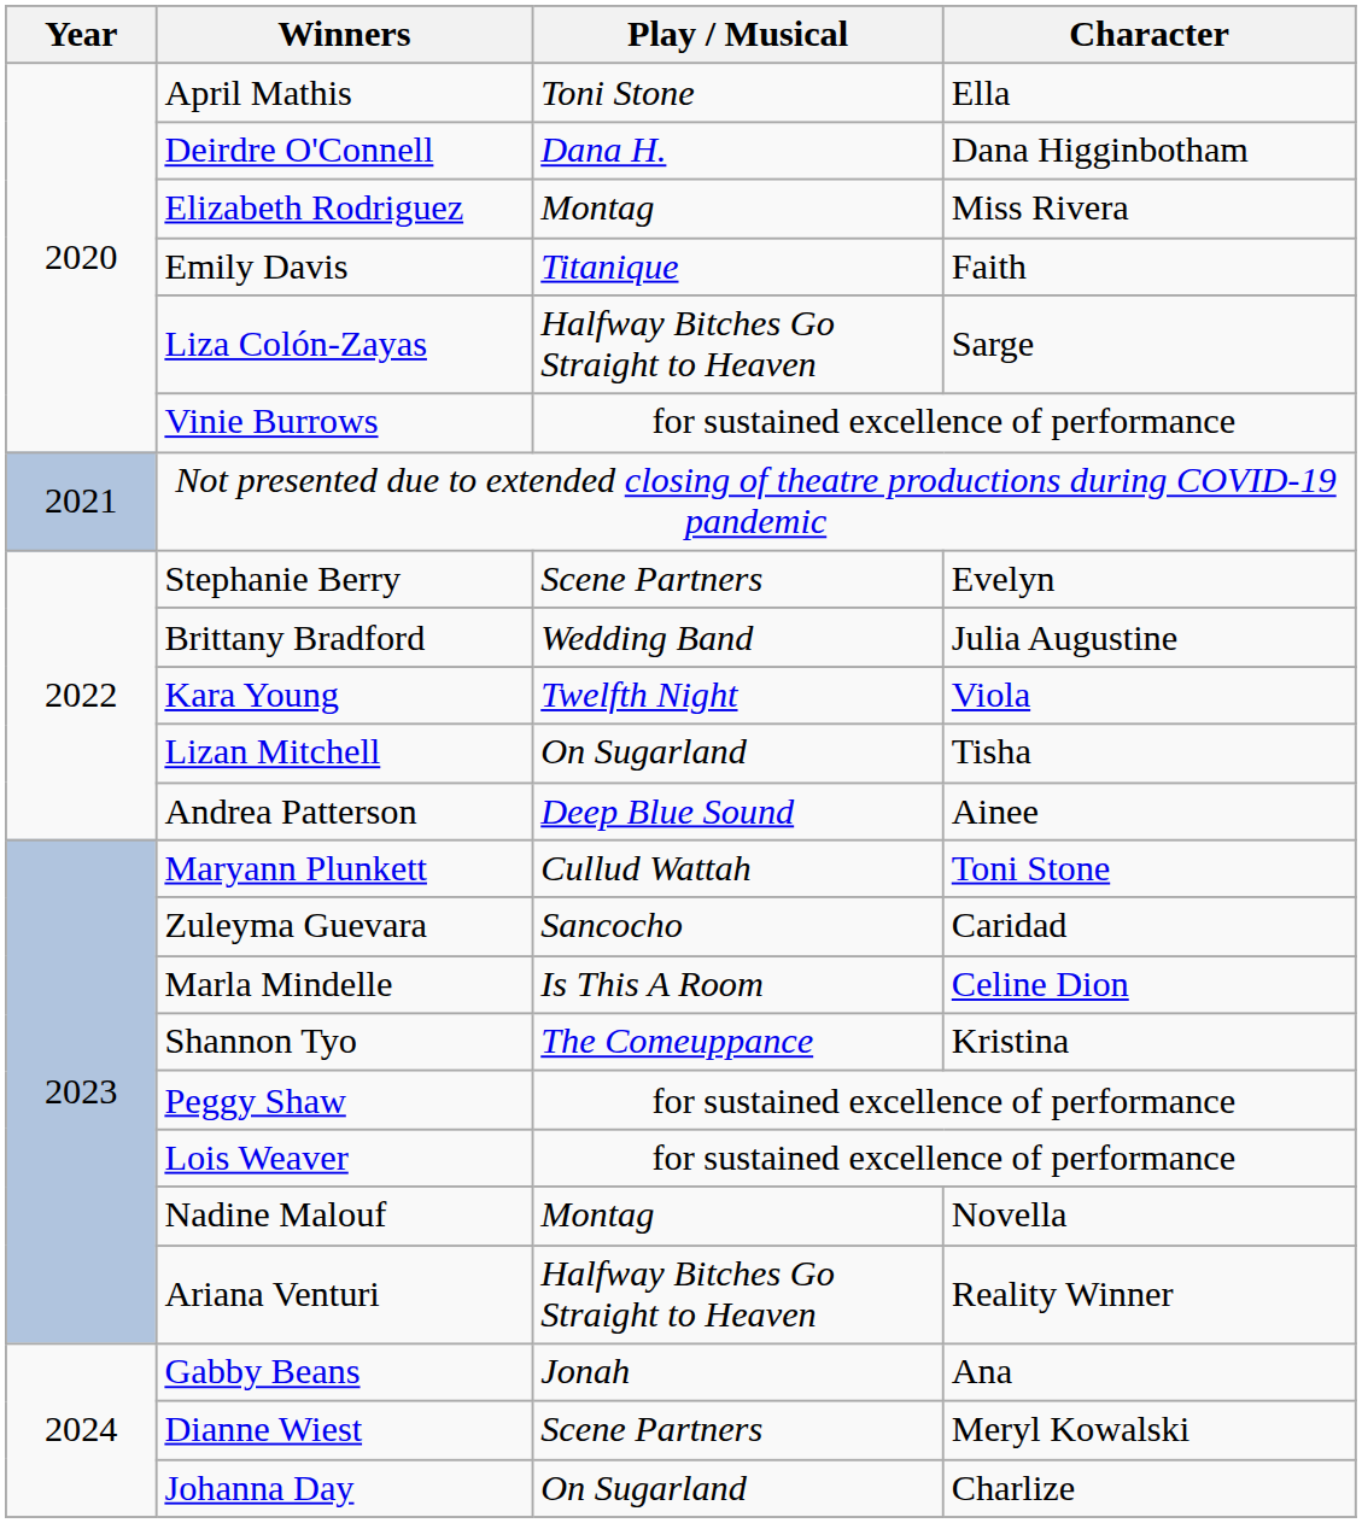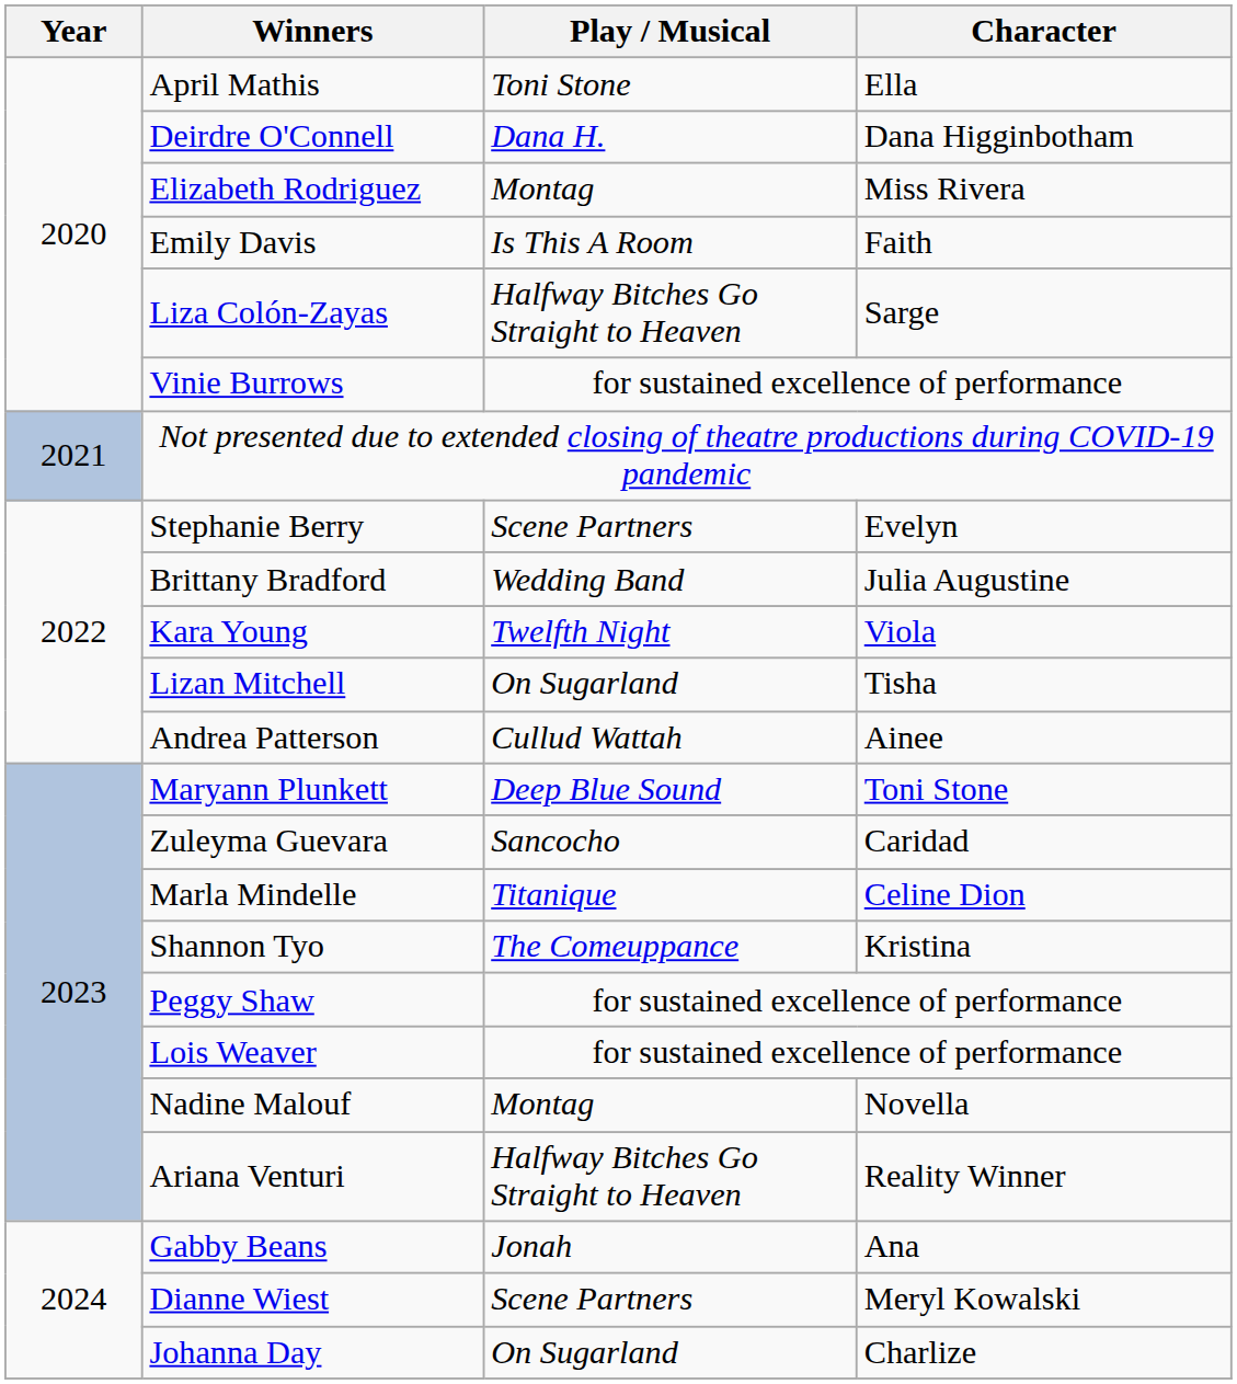 <table class="wikitable" width="95%" cellpadding="5">
 <tr>
 <th scope=col width="100">Year</th>
 <th scope=col width="300">Winners</th>
 <th scope=col width="300">Play / Musical</th>
 <th scope=col width="300">Character</th>
 </tr>
 <tr>
 <td rowspan="6" style="text-align:center;">2020</td>
 <td>April Mathis</td>
 <td><em>Toni Stone</em></td>
 <td>Ella</td>
 </tr>
 <tr>
 <td><a href='#'>Deirdre O'Connell</a></td>
 <td><em><a href='#'>Dana H.</a></em></td>
 <td>Dana Higginbotham</td>
 </tr>
 <tr>
 <td><a href='#'>Elizabeth Rodriguez</a></td>
 <td><em>Montag</em></td>
 <td>Miss Rivera</td>
 </tr>
 <tr>
 <td>Emily Davis</td>
-<td><em><a href='#'>Titanique</a></em></td>
+<td><em>Is This A Room</em></td>
 <td>Faith</td>
 </tr>
 <tr>
 <td><a href='#'>Liza Colón-Zayas</a></td>
 <td><em>Halfway Bitches Go Straight to Heaven</em></td>
 <td>Sarge</td>
 </tr>
 <tr>
 <td><a href='#'>Vinie Burrows</a></td>
 <td colspan="2" style="text-align:center;">for sustained excellence of performance</td>
 </tr>
 <tr>
 <td rowspan="1" style="text-align:center; background:#B0C4DE;">2021</td>
 <td colspan="3" style="text-align:center;"><em>Not presented due to extended <a href='#'>closing of theatre productions during COVID-19 pandemic</a></em></td>
 </tr>
 <tr>
 <td rowspan="5" style="text-align:center;">2022</td>
 <td>Stephanie Berry</td>
 <td><em>Scene Partners</em></td>
 <td>Evelyn</td>
 </tr>
 <tr>
 <td>Brittany Bradford</td>
 <td><em>Wedding Band</em></td>
 <td>Julia Augustine</td>
 </tr>
 <tr>
 <td><a href='#'>Kara Young</a></td>
 <td><em><a href='#'>Twelfth Night</a></em></td>
 <td><a href='#'>Viola</a></td>
 </tr>
 <tr>
 <td><a href='#'>Lizan Mitchell</a></td>
 <td><em>On Sugarland</em></td>
 <td>Tisha</td>
 </tr>
 <tr>
 <td>Andrea Patterson</td>
-<td><em><a href='#'>Deep Blue Sound</a></em></td>
+<td><em>Cullud Wattah</em></td>
 <td>Ainee</td>
 </tr>
 <tr>
 <td rowspan="8" style="text-align:center; background:#B0C4DE;">2023</td>
 <td><a href='#'>Maryann Plunkett</a></td>
-<td><em>Cullud Wattah</em></td>
+<td><em><a href='#'>Deep Blue Sound</a></em></td>
 <td><a href='#'>Toni Stone</a></td>
 </tr>
 <tr>
 <td>Zuleyma Guevara</td>
 <td><em>Sancocho</em></td>
 <td>Caridad</td>
 </tr>
 <tr>
 <td>Marla Mindelle</td>
-<td><em>Is This A Room</em></td>
+<td><em><a href='#'>Titanique</a></em></td>
 <td><a href='#'>Celine Dion</a></td>
 </tr>
 <tr>
 <td>Shannon Tyo</td>
 <td><em><a href='#'>The Comeuppance</a></em></td>
 <td>Kristina</td>
 </tr>
 <tr>
 <td><a href='#'>Peggy Shaw</a></td>
 <td colspan="2" style="text-align:center;">for sustained excellence of performance</td>
 </tr>
 <tr>
 <td><a href='#'>Lois Weaver</a></td>
 <td colspan="2" style="text-align:center;">for sustained excellence of performance</td>
 </tr>
 <tr>
 <td>Nadine Malouf</td>
 <td><em>Montag</em></td>
 <td>Novella</td>
 </tr>
 <tr>
 <td>Ariana Venturi</td>
 <td><em>Halfway Bitches Go Straight to Heaven</em></td>
 <td>Reality Winner</td>
 </tr>
 <tr>
 <td rowspan="3" style="text-align:center;">2024</td>
 <td><a href='#'>Gabby Beans</a></td>
 <td><em>Jonah</em></td>
 <td>Ana</td>
 </tr>
 <tr>
 <td><a href='#'>Dianne Wiest</a></td>
 <td><em>Scene Partners</em></td>
 <td>Meryl Kowalski</td>
 </tr>
 <tr>
 <td><a href='#'>Johanna Day</a></td>
 <td><em>On Sugarland</em></td>
 <td>Charlize</td>
 </tr>
 </table>
